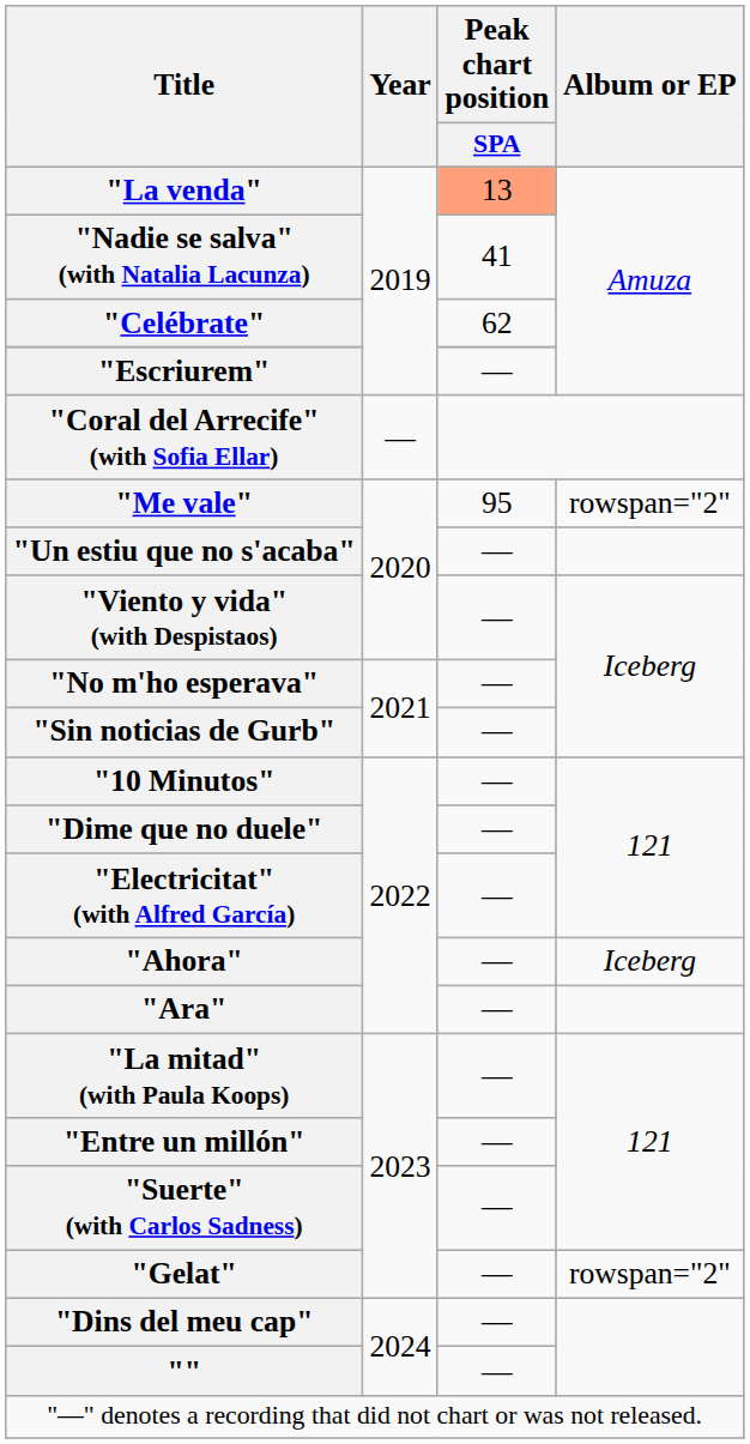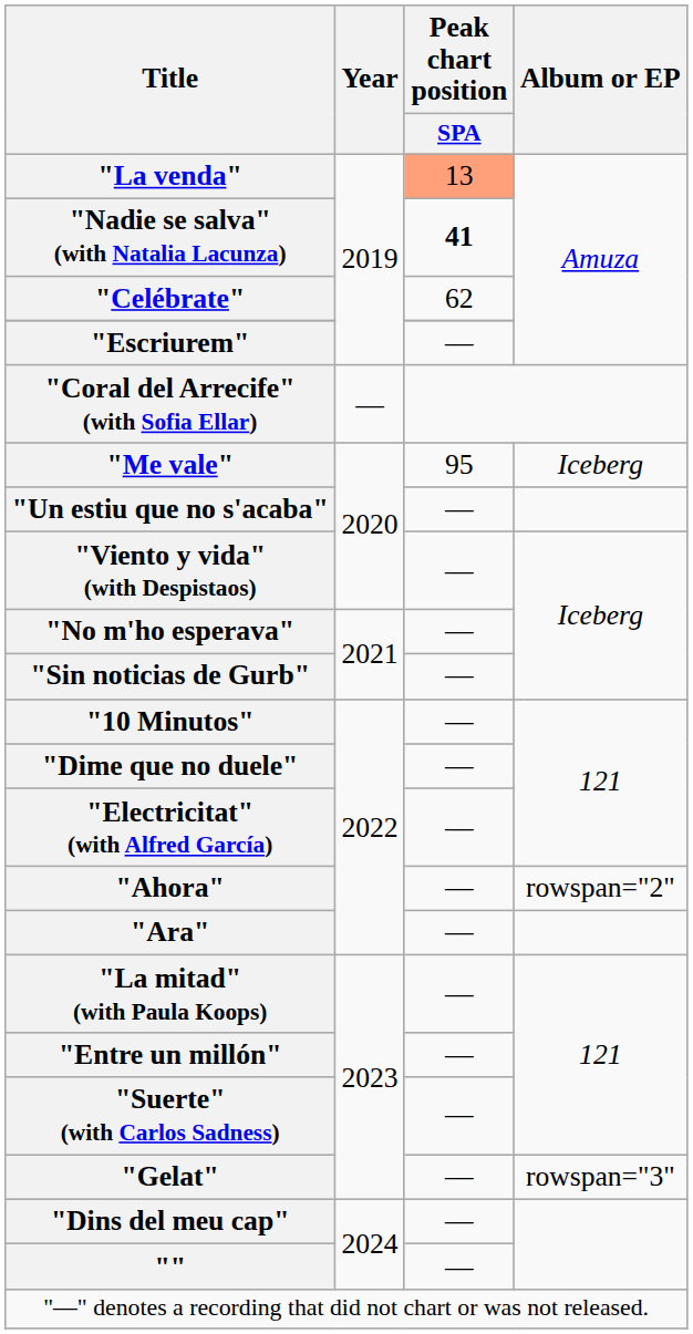 <table class="wikitable plainrowheaders" style="text-align:center;">
 <tr>
 <th scope="col" rowspan="2">Title</th>
 <th scope="col" rowspan="2">Year</th>
 <th scope="col" colspan="1">Peak chart position</th>
 <th scope="col" rowspan="2">Album or EP</th>
 </tr>
 <tr>
 <th scope="col" style="width:3em;font-size:85%;"><a href='#'>SPA</a><br></th>
 </tr>
 <tr>
 <th scope="row">"<a href='#'>La venda</a>"</th>
 <td rowspan="5">2019</td>
 <td style="background: lightsalmon;">13</td>
 <td rowspan="5"><em><a href='#'>Amuza</a></em></td>
 </tr>
 <tr>
 <th scope="row">"Nadie se salva"<br><small>(with <a href='#'>Natalia Lacunza</a>)</small></th>
-<td>41</td>
+<td><strong>41</strong></td>
 </tr>
 <tr>
 <th scope="row">"<a href='#'>Celébrate</a>"</th>
 <td>62</td>
 </tr>
 <tr>
 </tr>
 <tr>
 <th scope="row">"Escriurem"</th>
 <td>—</td>
 </tr>
 <tr>
 <th scope="row">"Coral del Arrecife"<br><small>(with <a href='#'>Sofia Ellar</a>)</small></th>
 <td>—</td>
 </tr>
 <tr>
 <th scope="row">"<a href='#'>Me vale</a>"</th>
 <td rowspan="3">2020</td>
 <td>95</td>
-<td>rowspan="2" </td>
+<td><em>Iceberg</em></td>
 </tr>
 <tr>
 <th scope="row">"Un estiu que no s'acaba"</th>
 <td>—</td>
 <td></td>
 </tr>
 <tr>
 <th scope="row">"Viento y vida"<br><small>(with Despistaos)</small></th>
 <td>—</td>
 <td rowspan="3"><em>Iceberg</em></td>
 </tr>
 <tr>
 <th scope="row">"No m'ho esperava"</th>
 <td rowspan="2">2021</td>
 <td>—</td>
 </tr>
 <tr>
 <th scope="row">"Sin noticias de Gurb"</th>
 <td>—</td>
 </tr>
 <tr>
 <th scope="row">"10 Minutos"</th>
 <td rowspan="5">2022</td>
 <td>—</td>
 <td rowspan="3"><em>121</em></td>
 </tr>
 <tr>
 <th scope="row">"Dime que no duele"</th>
 <td>—</td>
 </tr>
 <tr>
 <th scope="row">"Electricitat"<br><small>(with <a href='#'>Alfred García</a>)</small></th>
 <td>—</td>
 </tr>
 <tr>
 <th scope="row">"Ahora"</th>
 <td>—</td>
-<td><em>Iceberg</em></td>
+<td>rowspan="2" </td>
 </tr>
 <tr>
 <th scope="row">"Ara"</th>
 <td>—</td>
 </tr>
 <tr>
 <th scope="row">"La mitad"<br><small>(with Paula Koops)</small></th>
 <td rowspan="4">2023</td>
 <td>—</td>
 <td rowspan="3"><em>121</em></td>
 </tr>
 <tr>
 <th scope="row">"Entre un millón"</th>
 <td>—</td>
 </tr>
 <tr>
 <th scope="row">"Suerte"<br><small>(with <a href='#'>Carlos Sadness</a>)</small></th>
 <td>—</td>
 </tr>
 <tr>
 <th scope="row">"Gelat"</th>
 <td>—</td>
-<td>rowspan="2" </td>
+<td>rowspan="3" </td>
 </tr>
 <tr>
 <th scope="row">"Dins del meu cap"</th>
 <td rowspan="2">2024</td>
 <td>—</td>
 </tr>
 <tr>
 <th scope="row">""</th>
 <td>—</td>
 </tr>
 <tr>
 <td colspan="12" style="text-align:center; font-size:85%;">"—" denotes a recording that did not chart or was not released.</td>
 </tr>
 </table>
